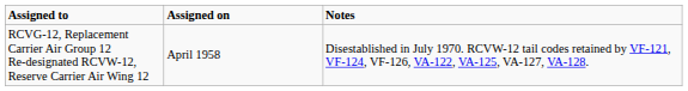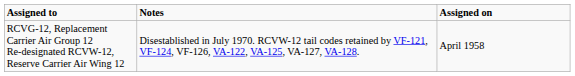 <table class="wikitable" style="width: 70%;">
 <tr>
 <td style="width: 200px;"><strong>Assigned to</strong></td>
+<td><strong>Notes</strong></td>
 <td style="width: 200px;"><strong>Assigned on</strong></td>
-<td><strong>Notes</strong></td>
 </tr>
 <tr>
 <td>RCVG-12, Replacement Carrier Air Group 12<br>Re-designated RCVW-12, Reserve Carrier Air Wing 12</td>
+<td>Disestablished in July 1970. RCVW-12 tail codes retained by <a href='#'>VF-121</a>, <a href='#'>VF-124</a>, VF-126, <a href='#'>VA-122</a>, <a href='#'>VA-125</a>, VA-127, <a href='#'>VA-128</a>.</td>
 <td>April 1958</td>
-<td>Disestablished in July 1970. RCVW-12 tail codes retained by <a href='#'>VF-121</a>, <a href='#'>VF-124</a>, VF-126, <a href='#'>VA-122</a>, <a href='#'>VA-125</a>, VA-127, <a href='#'>VA-128</a>.</td>
 </tr>
 </table>
